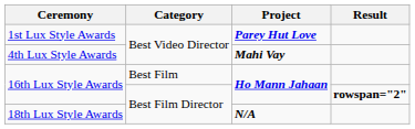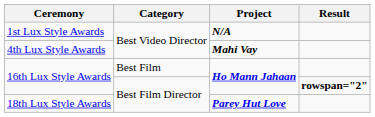 <table class="wikitable style">
 <tr>
 <th>Ceremony</th>
 <th>Category</th>
 <th>Project</th>
 <th>Result</th>
 </tr>
 <tr>
 <td><a href='#'>1st Lux Style Awards</a></td>
 <td rowspan="2">Best Video Director</td>
-<td><strong><em><a href='#'>Parey Hut Love</a></em></strong></td>
+<td><strong><em>N/A</em></strong></td>
 <td></td>
 </tr>
 <tr>
 <td><a href='#'>4th Lux Style Awards</a></td>
 <td><strong><em>Mahi Vay</em></strong></td>
 <td></td>
 </tr>
 <tr>
 <td rowspan="2"><a href='#'>16th Lux Style Awards</a></td>
 <td>Best Film</td>
 <td rowspan="2"><strong><em><a href='#'>Ho Mann Jahaan</a></em></strong></td>
 <td></td>
 </tr>
 <tr>
 <td rowspan="2">Best Film Director</td>
 <td><strong>rowspan="2" </strong></td>
 </tr>
 <tr>
 <td><a href='#'>18th Lux Style Awards</a></td>
-<td><strong><em>N/A</em></strong></td>
+<td><strong><em><a href='#'>Parey Hut Love</a></em></strong></td>
 </tr>
 </table>
